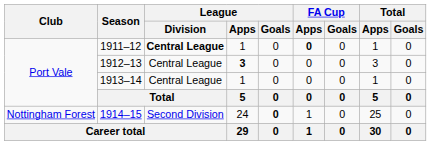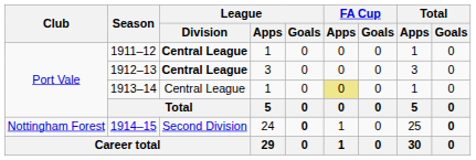 <table class="wikitable" style="text-align:center">
 <tr>
 <th rowspan="2">Club</th>
 <th rowspan="2">Season</th>
 <th colspan="3">League</th>
 <th colspan="2"><a href='#'>FA Cup</a></th>
 <th colspan="2">Total</th>
 </tr>
 <tr>
 <th>Division</th>
 <th>Apps</th>
 <th>Goals</th>
 <th>Apps</th>
 <th>Goals</th>
 <th>Apps</th>
 <th>Goals</th>
 </tr>
 <tr>
 <td rowspan="4"><a href='#'>Port Vale</a></td>
 <td>1911–12</td>
 <td><strong>Central League</strong></td>
 <td>1</td>
 <td>0</td>
-<td><strong>0</strong></td>
+<td>0</td>
 <td>0</td>
 <td>1</td>
 <td>0</td>
 </tr>
 <tr>
 <td>1912–13</td>
-<td>Central League</td>
-<td><strong>3</strong></td>
+<td><strong>Central League</strong></td>
+<td>3</td>
 <td>0</td>
 <td>0</td>
 <td>0</td>
 <td>3</td>
 <td>0</td>
 </tr>
 <tr>
 <td>1913–14</td>
 <td>Central League</td>
 <td>1</td>
 <td>0</td>
-<td>0</td>
+<td style="background: khaki;">0</td>
 <td>0</td>
 <td>1</td>
 <td>0</td>
 </tr>
 <tr>
 <th colspan="2">Total</th>
 <th>5</th>
 <th>0</th>
 <th>0</th>
 <th>0</th>
 <th>5</th>
 <th>0</th>
 </tr>
 <tr>
 <td><a href='#'>Nottingham Forest</a></td>
 <td><a href='#'>1914–15</a></td>
 <td><a href='#'>Second Division</a></td>
 <td>24</td>
 <td><strong>0</strong></td>
 <td>1</td>
 <td>0</td>
 <td>25</td>
-<td>0</td>
+<td><strong>0</strong></td>
 </tr>
 <tr>
 <th colspan="3">Career total</th>
 <th>29</th>
 <th>0</th>
 <th>1</th>
 <th>0</th>
 <th>30</th>
 <th>0</th>
 </tr>
 </table>
